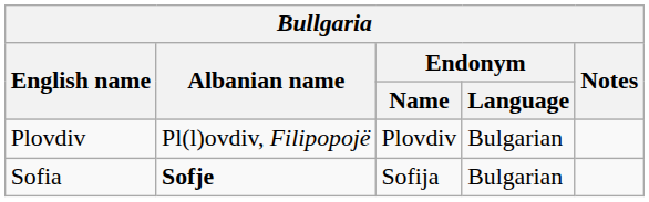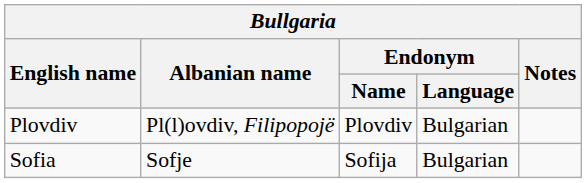 <table class="wikitable sortable">
 <tr>
 <th colspan="5"> <em>Bullgaria</em></th>
 </tr>
 <tr>
 <th rowspan="2">English name</th>
 <th rowspan="2">Albanian name</th>
 <th colspan="2">Endonym</th>
 <th rowspan="2">Notes</th>
 </tr>
 <tr>
 <th>Name</th>
 <th>Language</th>
 </tr>
 <tr>
 <td>Plovdiv</td>
 <td>Pl(l)ovdiv, <em>Filipopojë</em></td>
 <td>Plovdiv</td>
 <td>Bulgarian</td>
 <td></td>
 </tr>
 <tr>
 <td>Sofia</td>
-<td><strong>Sofje</strong></td>
+<td>Sofje</td>
 <td>Sofija</td>
 <td>Bulgarian</td>
 <td></td>
 </tr>
 </table>
